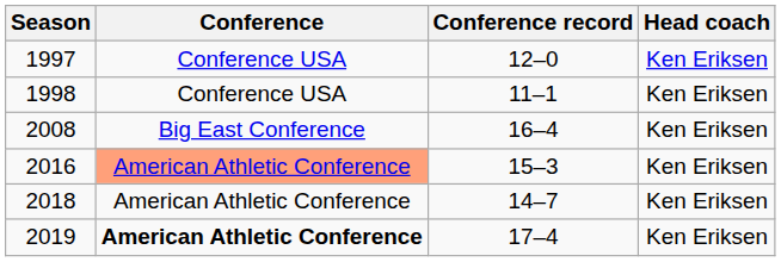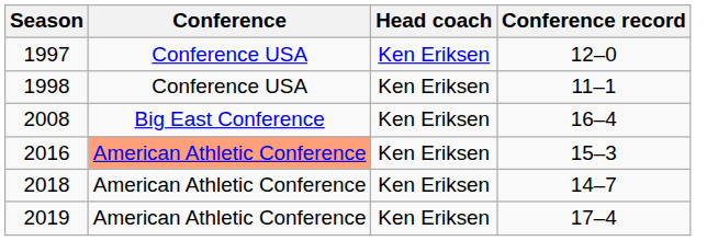 <table class="wikitable sortable" style="text-align:center;">
 <tr>
 <th style="text-align:center;">Season</th>
 <th style="text-align:center;">Conference</th>
+<th style="text-align:center;">Head coach</th>
 <th style="text-align:center;">Conference record</th>
-<th style="text-align:center;">Head coach</th>
 </tr>
 <tr>
 <td>1997</td>
 <td><a href='#'>Conference USA</a></td>
+<td><a href='#'>Ken Eriksen</a></td>
 <td>12–0</td>
-<td><a href='#'>Ken Eriksen</a></td>
 </tr>
 <tr>
 <td>1998</td>
 <td>Conference USA</td>
+<td>Ken Eriksen</td>
 <td>11–1</td>
-<td>Ken Eriksen</td>
 </tr>
 <tr>
 <td>2008</td>
 <td><a href='#'>Big East Conference</a></td>
+<td>Ken Eriksen</td>
 <td>16–4</td>
-<td>Ken Eriksen</td>
 </tr>
 <tr>
 <td>2016</td>
 <td style="background: lightsalmon;"><a href='#'>American Athletic Conference</a></td>
+<td>Ken Eriksen</td>
 <td>15–3</td>
-<td>Ken Eriksen</td>
 </tr>
 <tr>
 <td>2018</td>
 <td>American Athletic Conference</td>
+<td>Ken Eriksen</td>
 <td>14–7</td>
-<td>Ken Eriksen</td>
 </tr>
 <tr>
 <td>2019</td>
-<td><strong>American Athletic Conference</strong></td>
+<td>American Athletic Conference</td>
+<td>Ken Eriksen</td>
 <td>17–4</td>
-<td>Ken Eriksen</td>
 </tr>
 </table>
